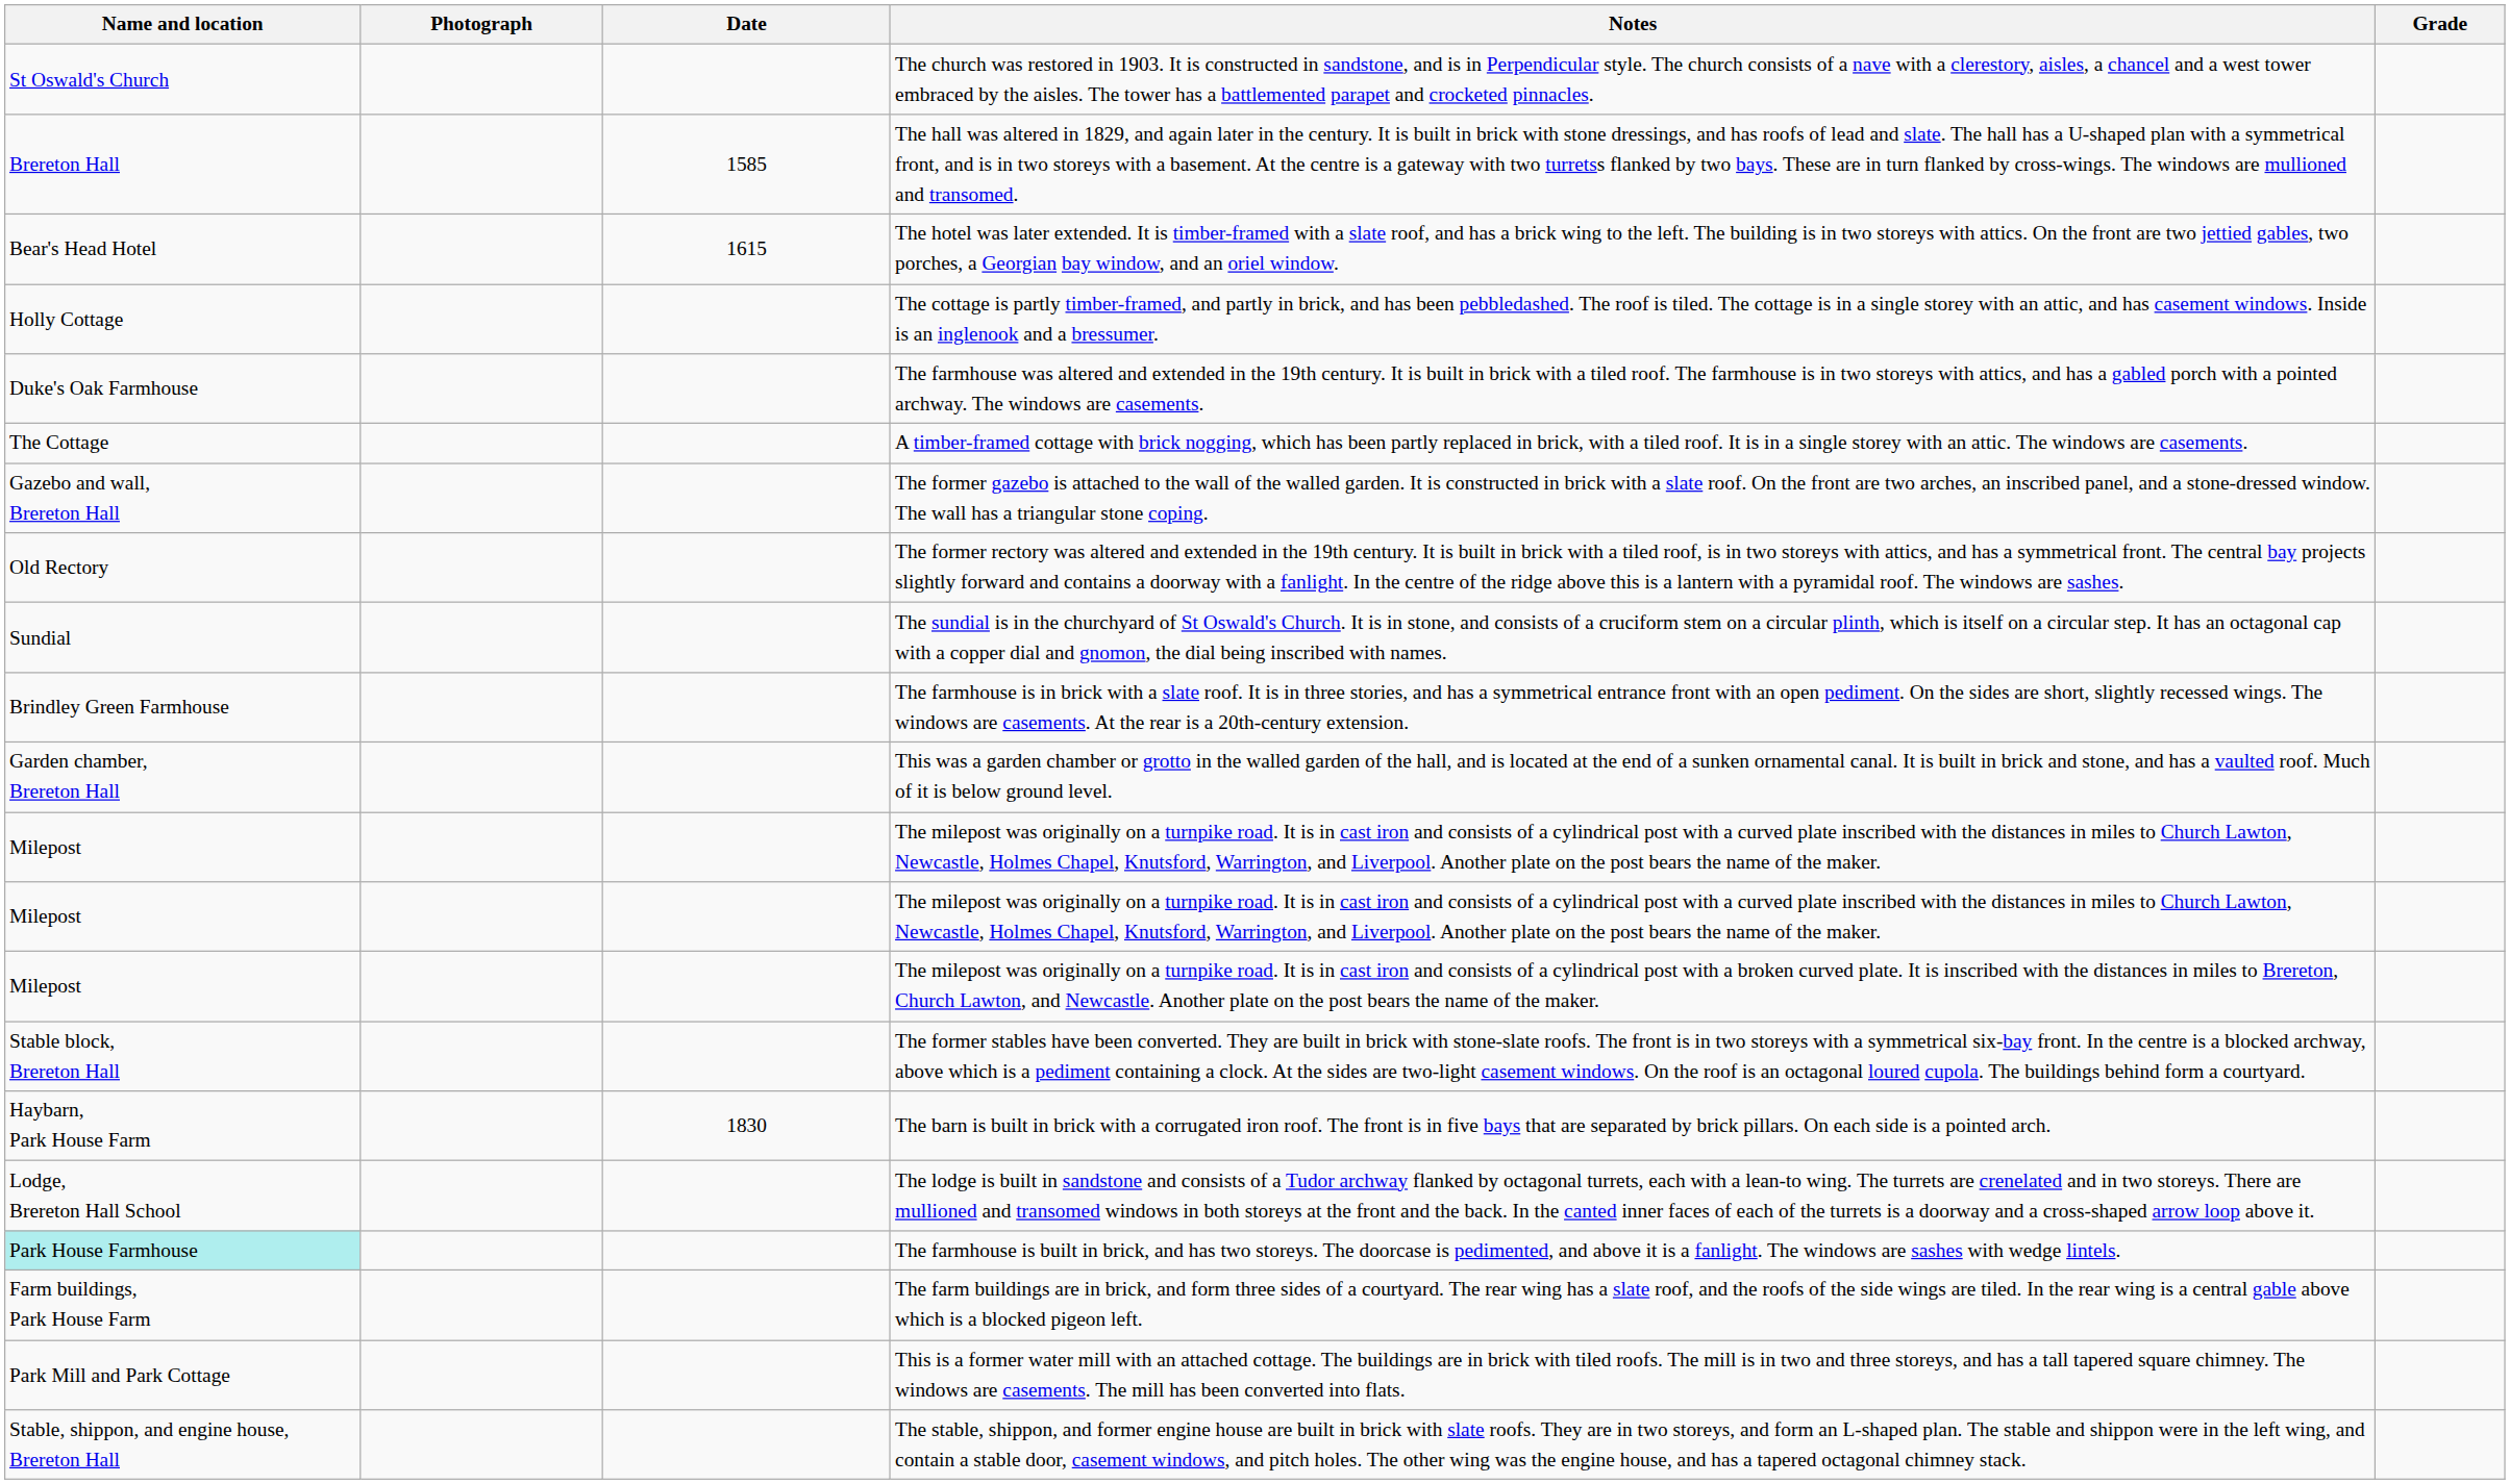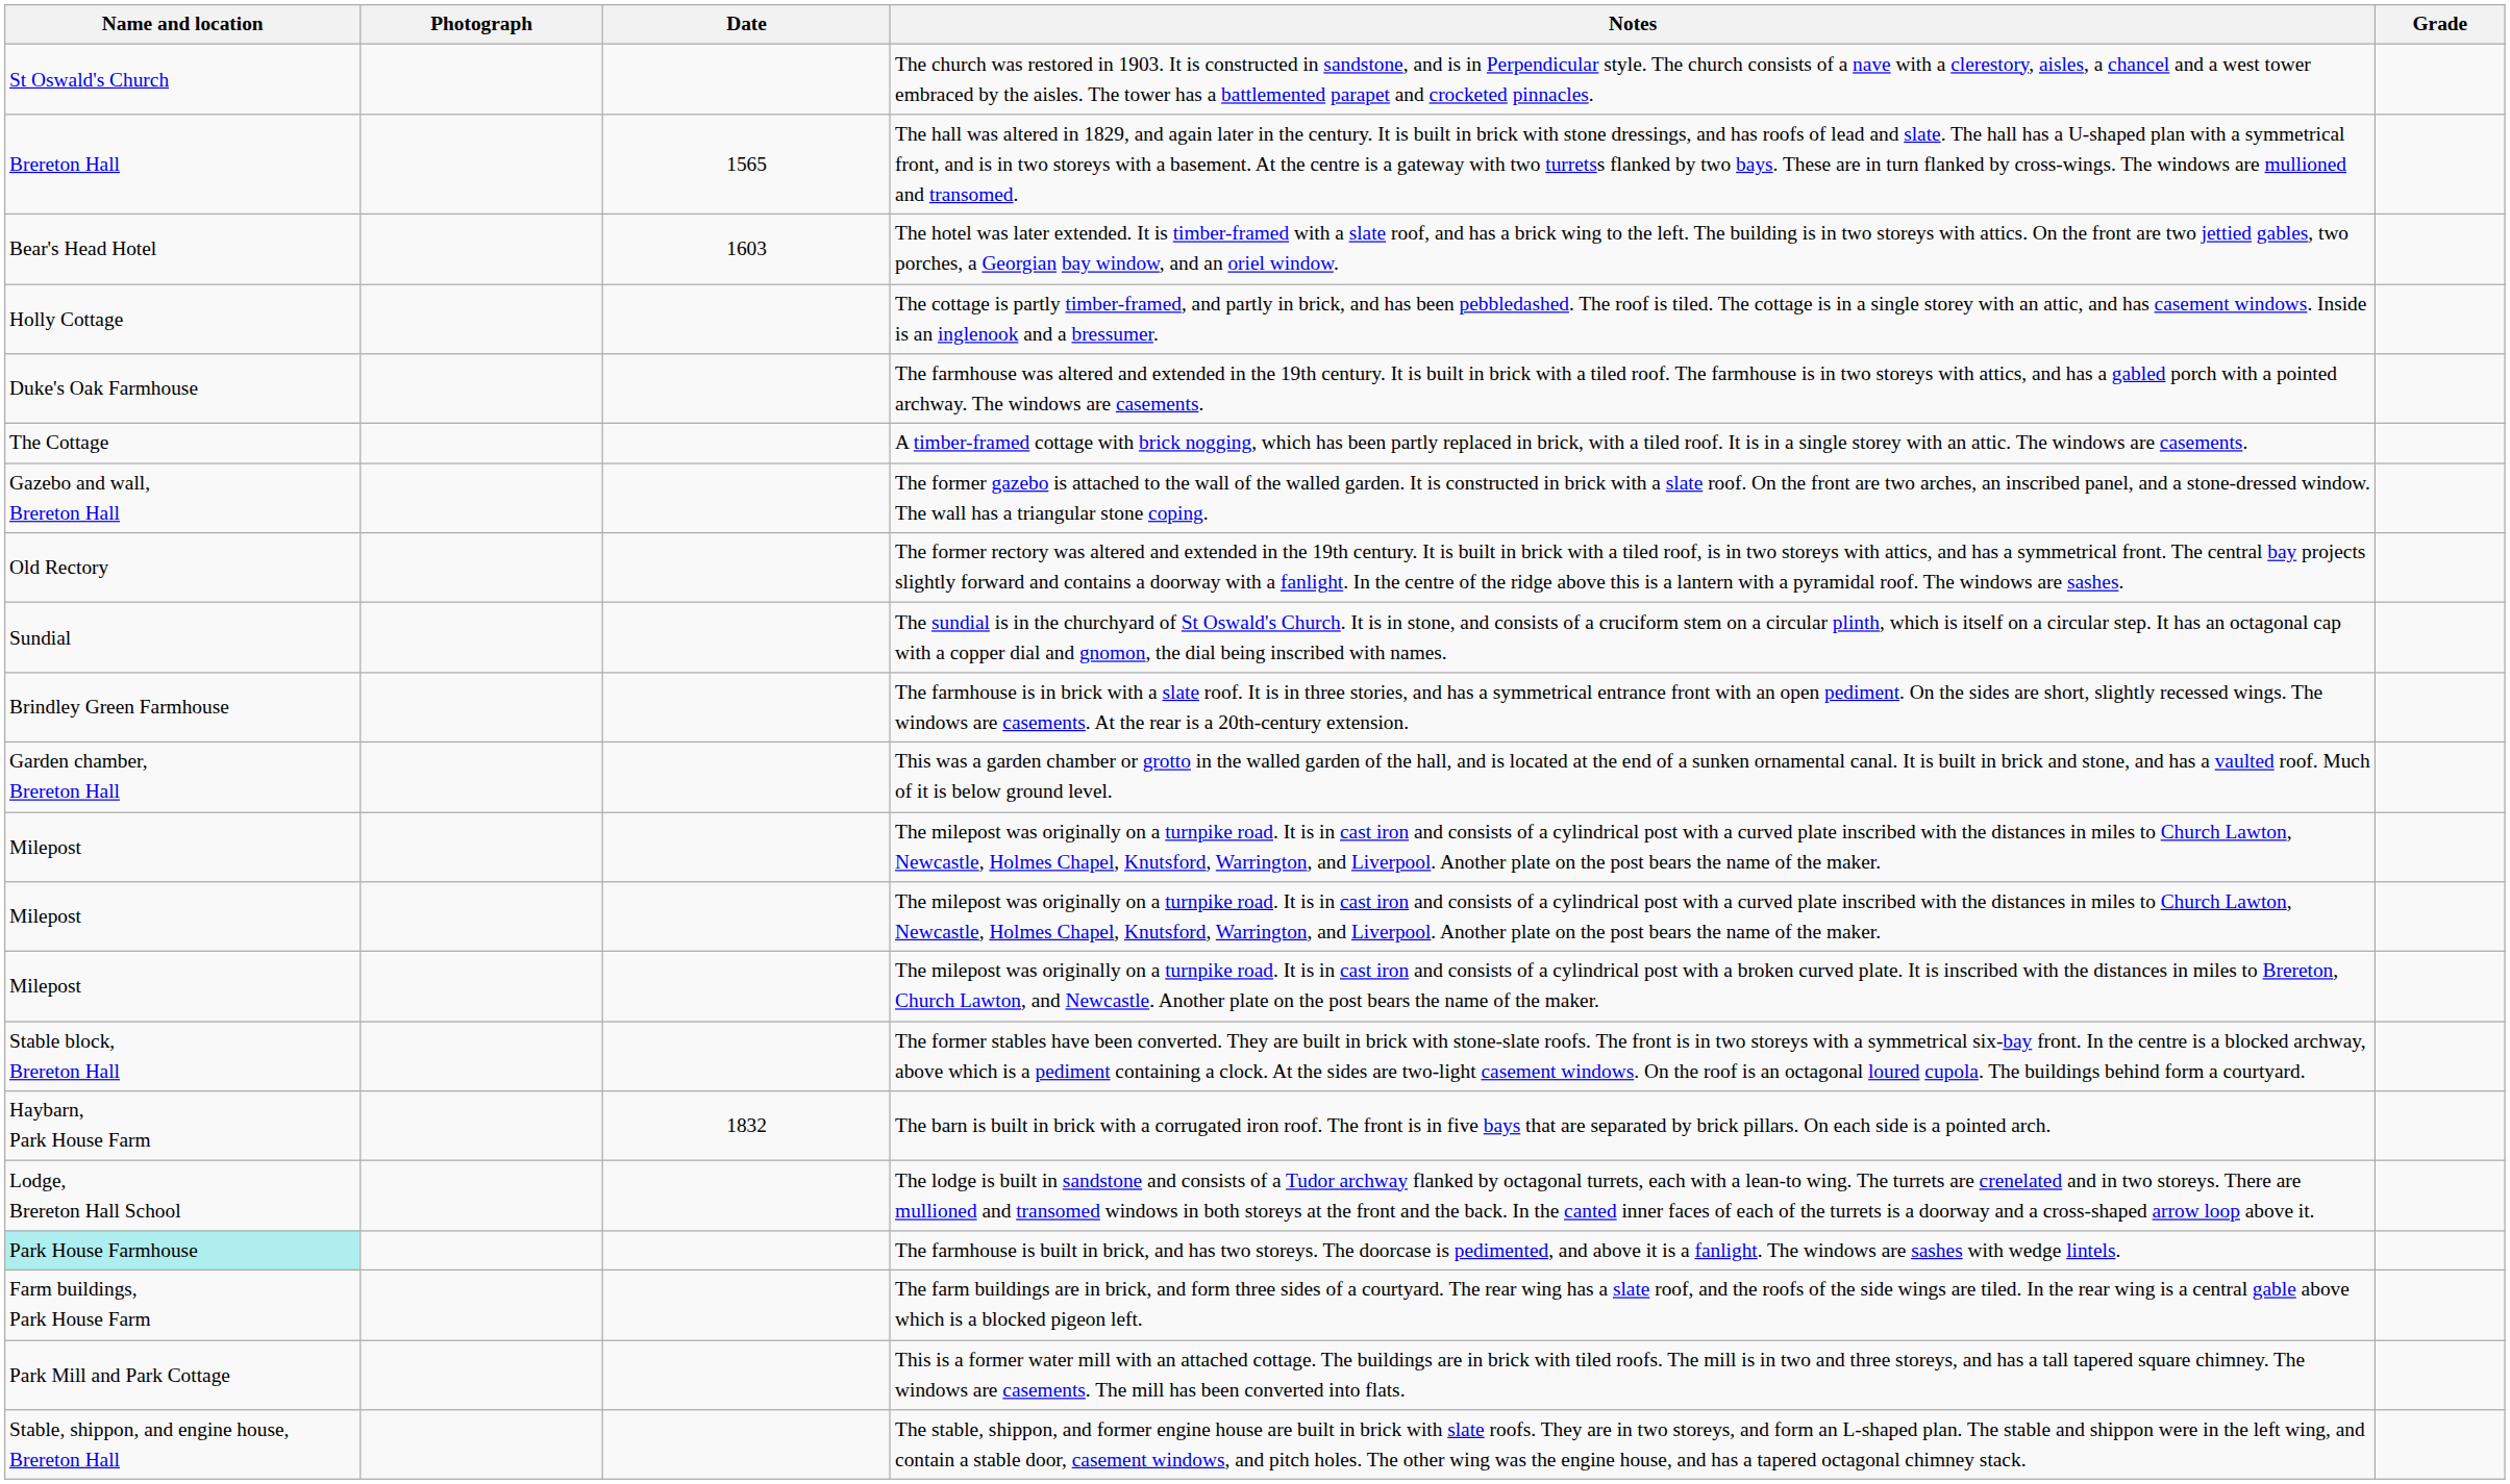 <table class="wikitable sortable plainrowheaders" style="width:100%;border:0px;text-align:left;line-height:150%;">
 <tr>
 <th scope="col"  style="width:150px">Name and location</th>
 <th scope="col"  style="width:100px" class="unsortable">Photograph</th>
 <th scope="col"  style="width:120px">Date</th>
 <th scope="col"  style="width:650px" class="unsortable">Notes</th>
 <th scope="col"  style="width:50px">Grade</th>
 </tr>
 <tr>
 <td><a href='#'>St Oswald's Church</a><br><small></small></td>
 <td></td>
 <td align="center"></td>
 <td>The church was restored in 1903.  It is constructed in <a href='#'>sandstone</a>, and is in <a href='#'>Perpendicular</a> style.  The church consists of a <a href='#'>nave</a> with a <a href='#'>clerestory</a>, <a href='#'>aisles</a>, a <a href='#'>chancel</a> and a west tower embraced by the aisles.  The tower has a <a href='#'>battlemented</a> <a href='#'>parapet</a> and <a href='#'>crocketed</a> <a href='#'>pinnacles</a>.</td>
 <td align="center" ></td>
 </tr>
 <tr>
 <td><a href='#'>Brereton Hall</a><br><small></small></td>
 <td></td>
-<td align="center">1585</td>
+<td align="center">1565</td>
 <td>The hall was altered in 1829, and again later in the century.  It is built in brick with stone dressings, and has roofs of lead and <a href='#'>slate</a>.  The hall has a U-shaped plan with a symmetrical front, and is in two storeys with a basement.  At the centre is a gateway with two <a href='#'>turrets</a>s flanked by two <a href='#'>bays</a>.  These are in turn flanked by cross-wings.  The windows are <a href='#'>mullioned</a> and <a href='#'>transomed</a>.</td>
 <td align="center" ></td>
 </tr>
 <tr>
 <td>Bear's Head Hotel<br><small></small></td>
 <td></td>
-<td align="center">1615</td>
+<td align="center">1603</td>
 <td>The hotel was later extended.  It is <a href='#'>timber-framed</a> with a <a href='#'>slate</a> roof, and has a brick wing to the left.  The building is in two storeys with attics.  On the front are two <a href='#'>jettied</a> <a href='#'>gables</a>, two porches, a <a href='#'>Georgian</a> <a href='#'>bay window</a>, and an <a href='#'>oriel window</a>.</td>
 <td align="center" ></td>
 </tr>
 <tr>
 <td>Holly Cottage<br><small></small></td>
 <td></td>
 <td align="center"></td>
 <td>The cottage is partly <a href='#'>timber-framed</a>, and partly in brick, and has been <a href='#'>pebbledashed</a>.  The roof is tiled.  The cottage is in a single storey with an attic, and has <a href='#'>casement windows</a>.  Inside is an <a href='#'>inglenook</a> and a <a href='#'>bressumer</a>.</td>
 <td align="center" ></td>
 </tr>
 <tr>
 <td>Duke's Oak Farmhouse<br><small></small></td>
 <td></td>
 <td align="center"></td>
 <td>The farmhouse was altered and extended in the 19th century.  It is built in brick with a tiled roof.  The farmhouse is in two storeys with attics, and has a <a href='#'>gabled</a> porch with a pointed archway.  The windows are <a href='#'>casements</a>.</td>
 <td align="center" ></td>
 </tr>
 <tr>
 <td>The Cottage<br><small></small></td>
 <td></td>
 <td align="center"></td>
 <td>A <a href='#'>timber-framed</a> cottage with <a href='#'>brick nogging</a>, which has been partly replaced in brick, with a tiled roof.  It is in a single storey with an attic.  The windows are <a href='#'>casements</a>.</td>
 <td align="center" ></td>
 </tr>
 <tr>
 <td>Gazebo and wall,<br><a href='#'>Brereton Hall</a><br><small></small></td>
 <td></td>
 <td align="center"></td>
 <td>The former <a href='#'>gazebo</a> is attached to the wall of the walled garden.  It is constructed in brick with a <a href='#'>slate</a> roof.  On the front are two arches, an inscribed panel, and a stone-dressed window.  The wall has a triangular stone <a href='#'>coping</a>.</td>
 <td align="center" ></td>
 </tr>
 <tr>
 <td>Old Rectory<br><small></small></td>
 <td></td>
 <td align="center"></td>
 <td>The former rectory was altered and extended in the 19th century.  It is built in brick with a tiled roof, is in two storeys with attics, and has a symmetrical front.  The central <a href='#'>bay</a> projects slightly forward and contains a doorway with a <a href='#'>fanlight</a>.  In the centre of the ridge above this is a lantern with a pyramidal roof.  The windows are <a href='#'>sashes</a>.</td>
 <td align="center" ></td>
 </tr>
 <tr>
 <td>Sundial<br><small></small></td>
 <td></td>
 <td align="center"></td>
 <td>The <a href='#'>sundial</a> is in the churchyard of <a href='#'>St Oswald's Church</a>.  It is in stone, and consists of a cruciform stem on a circular <a href='#'>plinth</a>, which is itself on a circular step.  It has an octagonal cap with a copper dial and <a href='#'>gnomon</a>, the dial being inscribed with names.</td>
 <td align="center" ></td>
 </tr>
 <tr>
 <td>Brindley Green Farmhouse<br><small></small></td>
 <td></td>
 <td align="center"></td>
 <td>The farmhouse is in brick with a <a href='#'>slate</a> roof.  It is in three stories, and has a symmetrical entrance front with an open <a href='#'>pediment</a>. On the sides are short, slightly recessed wings.  The windows are <a href='#'>casements</a>.  At the rear is a 20th-century extension.</td>
 <td align="center" ></td>
 </tr>
 <tr>
 <td>Garden chamber,<br><a href='#'>Brereton Hall</a><br><small></small></td>
 <td></td>
 <td align="center"></td>
 <td>This was a garden chamber or <a href='#'>grotto</a> in the walled garden of the hall, and is located at the end of a sunken ornamental canal.  It is built in brick and stone, and has a <a href='#'>vaulted</a> roof.  Much of it is below ground level.</td>
 <td align="center" ></td>
 </tr>
 <tr>
 <td>Milepost<br><small></small></td>
 <td></td>
 <td align="center"></td>
 <td>The milepost was originally on a <a href='#'>turnpike road</a>.  It is in <a href='#'>cast iron</a> and consists of a cylindrical post with a curved plate inscribed with the distances in miles to <a href='#'>Church Lawton</a>, <a href='#'>Newcastle</a>, <a href='#'>Holmes Chapel</a>, <a href='#'>Knutsford</a>, <a href='#'>Warrington</a>, and <a href='#'>Liverpool</a>. Another plate on the post bears the name of the maker.</td>
 <td align="center" ></td>
 </tr>
 <tr>
 <td>Milepost<br><small></small></td>
 <td></td>
 <td align="center"></td>
 <td>The milepost was originally on a <a href='#'>turnpike road</a>.  It is in <a href='#'>cast iron</a> and consists of a cylindrical post with a curved plate inscribed with the distances in miles to <a href='#'>Church Lawton</a>, <a href='#'>Newcastle</a>, <a href='#'>Holmes Chapel</a>, <a href='#'>Knutsford</a>, <a href='#'>Warrington</a>, and <a href='#'>Liverpool</a>. Another plate on the post bears the name of the maker.</td>
 <td align="center" ></td>
 </tr>
 <tr>
 <td>Milepost<br><small></small></td>
 <td></td>
 <td align="center"></td>
 <td>The milepost was originally on a <a href='#'>turnpike road</a>.  It is in <a href='#'>cast iron</a> and consists of a cylindrical post with a broken curved plate. It is inscribed with the distances in miles to <a href='#'>Brereton</a>, <a href='#'>Church Lawton</a>, and <a href='#'>Newcastle</a>.  Another plate on the post bears the name of the maker.</td>
 <td align="center" ></td>
 </tr>
 <tr>
 <td>Stable block,<br><a href='#'>Brereton Hall</a><br><small></small></td>
 <td></td>
 <td align="center"></td>
 <td>The former stables have been converted.  They are built in brick with stone-slate roofs.  The front is in two storeys with a symmetrical six-<a href='#'>bay</a> front.  In the centre is a blocked archway, above which is a <a href='#'>pediment</a> containing a clock.  At the sides are two-light <a href='#'>casement windows</a>.  On the roof is an octagonal <a href='#'>loured</a> <a href='#'>cupola</a>.  The buildings behind form a courtyard.</td>
 <td align="center" ></td>
 </tr>
 <tr>
 <td>Haybarn,<br>Park House Farm<br><small></small></td>
 <td></td>
-<td align="center">1830</td>
+<td align="center">1832</td>
 <td>The barn is built in brick with a corrugated iron roof.  The front is in five <a href='#'>bays</a> that are separated by brick pillars.  On each side is a pointed arch.</td>
 <td align="center" ></td>
 </tr>
 <tr>
 <td>Lodge,<br>Brereton Hall School<br><small></small></td>
 <td></td>
 <td align="center"></td>
 <td>The lodge is built in <a href='#'>sandstone</a> and consists of a <a href='#'>Tudor archway</a> flanked by octagonal turrets, each with a lean-to wing.  The turrets are <a href='#'>crenelated</a> and in two storeys.  There are <a href='#'>mullioned</a> and <a href='#'>transomed</a> windows in both storeys at the front and the back.  In the <a href='#'>canted</a> inner faces of each of the turrets is a doorway and a cross-shaped <a href='#'>arrow loop</a> above it.</td>
 <td align="center" ></td>
 </tr>
 <tr>
 <td style="background: paleturquoise;">Park House Farmhouse<br><small></small></td>
 <td></td>
 <td align="center"></td>
 <td>The farmhouse is built in brick, and has two storeys.  The doorcase is <a href='#'>pedimented</a>, and above it is a <a href='#'>fanlight</a>.  The windows are <a href='#'>sashes</a> with wedge <a href='#'>lintels</a>.</td>
 <td align="center" ></td>
 </tr>
 <tr>
 <td>Farm buildings,<br>Park House Farm<br><small></small></td>
 <td></td>
 <td align="center"></td>
 <td>The farm buildings are in brick, and form three sides of a courtyard.  The rear wing has a <a href='#'>slate</a> roof, and the roofs of the side wings are tiled.  In the rear wing is a central <a href='#'>gable</a> above which is a blocked pigeon left.</td>
 <td align="center" ></td>
 </tr>
 <tr>
 <td>Park Mill and Park Cottage<br><small></small></td>
 <td></td>
 <td align="center"></td>
 <td>This is a former water mill with an attached cottage.  The buildings are in brick with  tiled roofs.  The mill is in two and three storeys, and has a tall tapered square chimney.  The windows are <a href='#'>casements</a>.  The mill has been  converted into flats.</td>
 <td align="center" ></td>
 </tr>
 <tr>
 <td>Stable, shippon, and engine house,<br><a href='#'>Brereton Hall</a><br><small></small></td>
 <td></td>
 <td align="center"></td>
 <td>The stable, shippon, and former engine house are built in brick with <a href='#'>slate</a> roofs.  They are in two storeys, and form an L-shaped plan.  The stable and shippon were in the left wing, and contain a stable door, <a href='#'>casement windows</a>, and pitch holes.  The other wing was the engine house, and has a tapered octagonal chimney stack.</td>
 <td align="center" ></td>
 </tr>
 <tr>
 </tr>
 </table>
